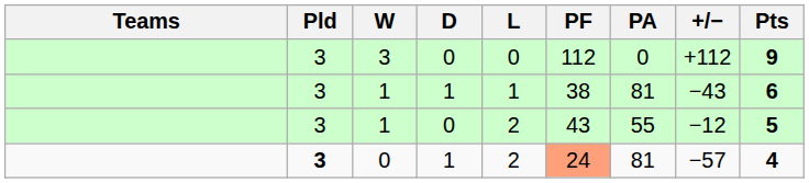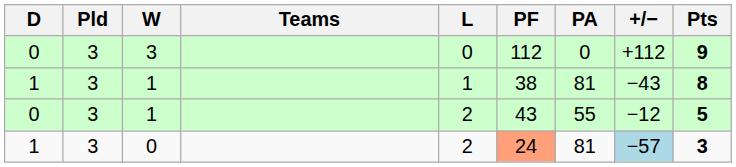 <table class="wikitable" style="text-align: center;">
 <tr>
-<th width="200">Teams</th>
+<th width="40">D</th>
 <th width="40">Pld</th>
 <th width="40">W</th>
-<th width="40">D</th>
+<th width="200">Teams</th>
 <th width="40">L</th>
 <th width="40">PF</th>
 <th width="40">PA</th>
 <th width="40">+/−</th>
 <th width="40">Pts</th>
 </tr>
 <tr bgcolor=ccffcc>
-<td align=left></td>
+<td>0</td>
 <td>3</td>
 <td>3</td>
-<td>0</td>
+<td align=left></td>
 <td>0</td>
 <td>112</td>
 <td>0</td>
 <td>+112</td>
 <td><strong>9</strong></td>
 </tr>
 <tr bgcolor=ccffcc>
-<td align=left></td>
+<td>1</td>
 <td>3</td>
 <td>1</td>
-<td>1</td>
+<td align=left></td>
 <td>1</td>
 <td>38</td>
 <td>81</td>
 <td>−43</td>
-<td><strong>6</strong></td>
+<td><strong>8</strong></td>
 </tr>
 <tr bgcolor=ccffcc>
-<td align=left></td>
+<td>0</td>
 <td>3</td>
 <td>1</td>
-<td>0</td>
+<td align=left></td>
 <td>2</td>
 <td>43</td>
 <td>55</td>
 <td>−12</td>
 <td><strong>5</strong></td>
 </tr>
 <tr>
+<td>1</td>
+<td>3</td>
+<td>0</td>
 <td align=left></td>
-<td><strong>3</strong></td>
-<td>0</td>
-<td>1</td>
 <td>2</td>
 <td style="background: lightsalmon;">24</td>
 <td>81</td>
-<td>−57</td>
-<td><strong>4</strong></td>
+<td style="background: lightblue;">−57</td>
+<td><strong>3</strong></td>
 </tr>
 </table>
